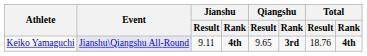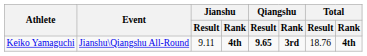 <table class=wikitable style="font-size:90%">
 <tr>
 <th rowspan="2">Athlete</th>
 <th rowspan="2">Event</th>
 <th colspan="2">Jianshu</th>
 <th colspan="2">Qiangshu</th>
 <th colspan="2">Total</th>
 </tr>
 <tr>
 <th>Result</th>
 <th>Rank</th>
 <th>Result</th>
 <th>Rank</th>
 <th>Result</th>
 <th>Rank</th>
 </tr>
 <tr>
 <td><a href='#'>Keiko Yamaguchi</a></td>
-<td style="background: lavender;"><a href='#'>Jianshu\Qiangshu All-Round</a></td>
+<td><a href='#'>Jianshu\Qiangshu All-Round</a></td>
 <td align=center>9.11</td>
 <td align=center><strong>4th</strong></td>
-<td align=center>9.65</td>
+<td align=center><strong>9.65</strong></td>
 <td align=center><strong>3rd</strong></td>
 <td align=center>18.76</td>
 <td align=center><strong>4th</strong></td>
 </tr>
 </table>
